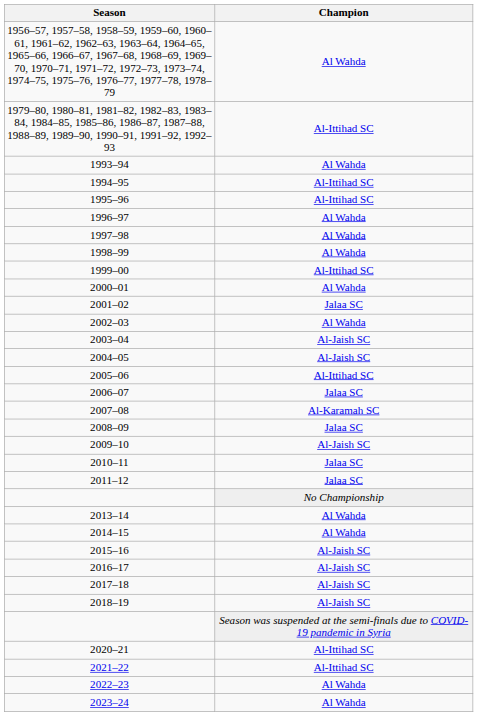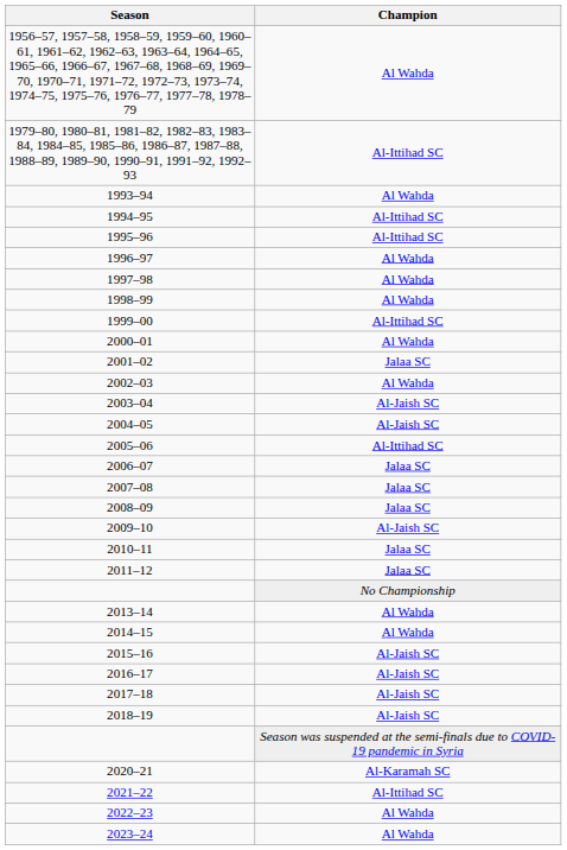 <table class="wikitable" style="width:680px;">
 <tr>
 <th width=80>Season</th>
 <th width=100>Champion</th>
 </tr>
 <tr>
 <td align=center>1956–57, 1957–58, 1958–59, 1959–60, 1960–61, 1961–62, 1962–63, 1963–64, 1964–65, 1965–66, 1966–67, 1967–68, 1968–69, 1969–70, 1970–71, 1971–72, 1972–73, 1973–74, 1974–75, 1975–76, 1976–77, 1977–78, 1978–79</td>
 <td align=center><a href='#'>Al Wahda</a></td>
 </tr>
 <tr>
 <td align=center>1979–80, 1980–81, 1981–82, 1982–83, 1983–84, 1984–85, 1985–86, 1986–87, 1987–88, 1988–89, 1989–90, 1990–91, 1991–92, 1992–93</td>
 <td align=center><a href='#'>Al-Ittihad SC</a></td>
 </tr>
 <tr>
 <td align=center>1993–94</td>
 <td align=center><a href='#'>Al Wahda</a></td>
 </tr>
 <tr>
 <td align=center>1994–95</td>
 <td align=center><a href='#'>Al-Ittihad SC</a></td>
 </tr>
 <tr>
 <td align=center>1995–96</td>
 <td align=center><a href='#'>Al-Ittihad SC</a></td>
 </tr>
 <tr>
 <td align=center>1996–97</td>
 <td align=center><a href='#'>Al Wahda</a></td>
 </tr>
 <tr>
 <td align=center>1997–98</td>
 <td align=center><a href='#'>Al Wahda</a></td>
 </tr>
 <tr>
 <td align=center>1998–99</td>
 <td align=center><a href='#'>Al Wahda</a></td>
 </tr>
 <tr>
 <td align=center>1999–00</td>
 <td align=center><a href='#'>Al-Ittihad SC</a></td>
 </tr>
 <tr>
 <td align=center>2000–01</td>
 <td align=center><a href='#'>Al Wahda</a></td>
 </tr>
 <tr>
 <td align=center>2001–02</td>
 <td align=center><a href='#'>Jalaa SC</a></td>
 </tr>
 <tr>
 <td align=center>2002–03</td>
 <td align=center><a href='#'>Al Wahda</a></td>
 </tr>
 <tr>
 <td align=center>2003–04</td>
 <td align=center><a href='#'>Al-Jaish SC</a></td>
 </tr>
 <tr>
 <td align=center>2004–05</td>
 <td align=center><a href='#'>Al-Jaish SC</a></td>
 </tr>
 <tr>
 <td align=center>2005–06</td>
 <td align=center><a href='#'>Al-Ittihad SC</a></td>
 </tr>
 <tr>
 <td align=center>2006–07</td>
 <td align=center><a href='#'>Jalaa SC</a></td>
 </tr>
 <tr>
 <td align=center>2007–08</td>
-<td align=center><a href='#'>Al-Karamah SC</a></td>
+<td align=center><a href='#'>Jalaa SC</a></td>
 </tr>
 <tr>
 <td align=center>2008–09</td>
 <td align=center><a href='#'>Jalaa SC</a></td>
 </tr>
 <tr>
 <td align=center>2009–10</td>
 <td align=center><a href='#'>Al-Jaish SC</a></td>
 </tr>
 <tr>
 <td align=center>2010–11</td>
 <td align=center><a href='#'>Jalaa SC</a></td>
 </tr>
 <tr>
 <td align=center>2011–12</td>
 <td align=center><a href='#'>Jalaa SC</a></td>
 </tr>
 <tr>
 <td align=center></td>
 <td style="background:#efefef; text-align:center;"><em>No Championship</em></td>
 </tr>
 <tr>
 <td align=center>2013–14</td>
 <td align=center><a href='#'>Al Wahda</a></td>
 </tr>
 <tr>
 <td align=center>2014–15</td>
 <td align=center><a href='#'>Al Wahda</a></td>
 </tr>
 <tr>
 <td align=center>2015–16</td>
 <td align=center><a href='#'>Al-Jaish SC</a></td>
 </tr>
 <tr>
 <td align=center>2016–17</td>
 <td align=center><a href='#'>Al-Jaish SC</a></td>
 </tr>
 <tr>
 <td align=center>2017–18</td>
 <td align=center><a href='#'>Al-Jaish SC</a></td>
 </tr>
 <tr>
 <td align=center>2018–19</td>
 <td align=center><a href='#'>Al-Jaish SC</a></td>
 </tr>
 <tr>
 <td align=center></td>
 <td style="background:#efefef; text-align:center;"><em>Season was suspended at the semi-finals due to <a href='#'>COVID-19 pandemic in Syria</a></em></td>
 </tr>
 <tr>
 <td align=center>2020–21</td>
-<td align=center><a href='#'>Al-Ittihad SC</a></td>
+<td align=center><a href='#'>Al-Karamah SC</a></td>
 </tr>
 <tr>
 <td align=center><a href='#'>2021–22</a></td>
 <td align=center><a href='#'>Al-Ittihad SC</a></td>
 </tr>
 <tr>
 <td align=center><a href='#'>2022–23</a></td>
 <td align=center><a href='#'>Al Wahda</a></td>
 </tr>
 <tr>
 <td align=center><a href='#'>2023–24</a></td>
 <td align=center><a href='#'>Al Wahda</a></td>
 </tr>
 </table>
